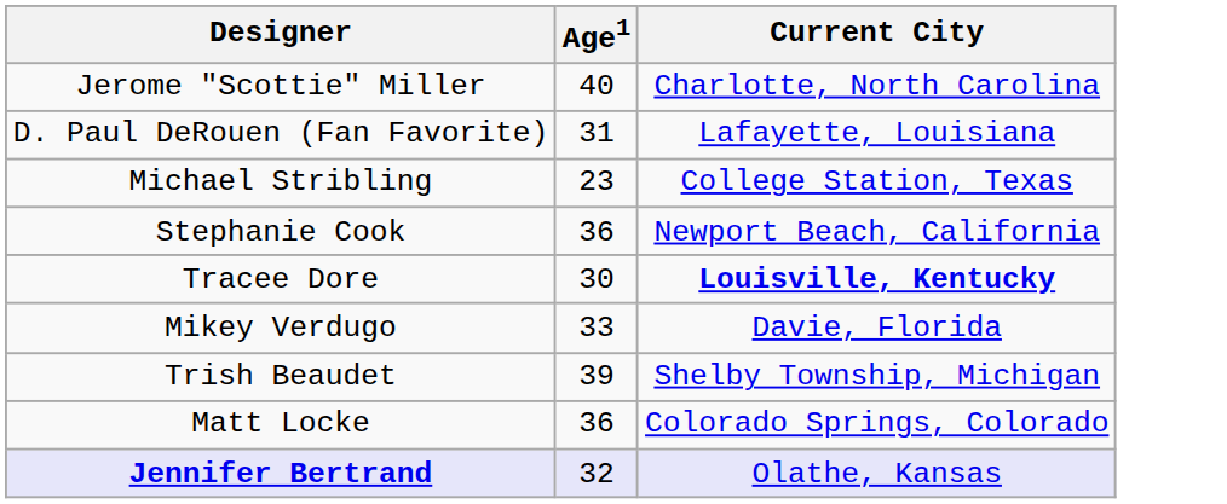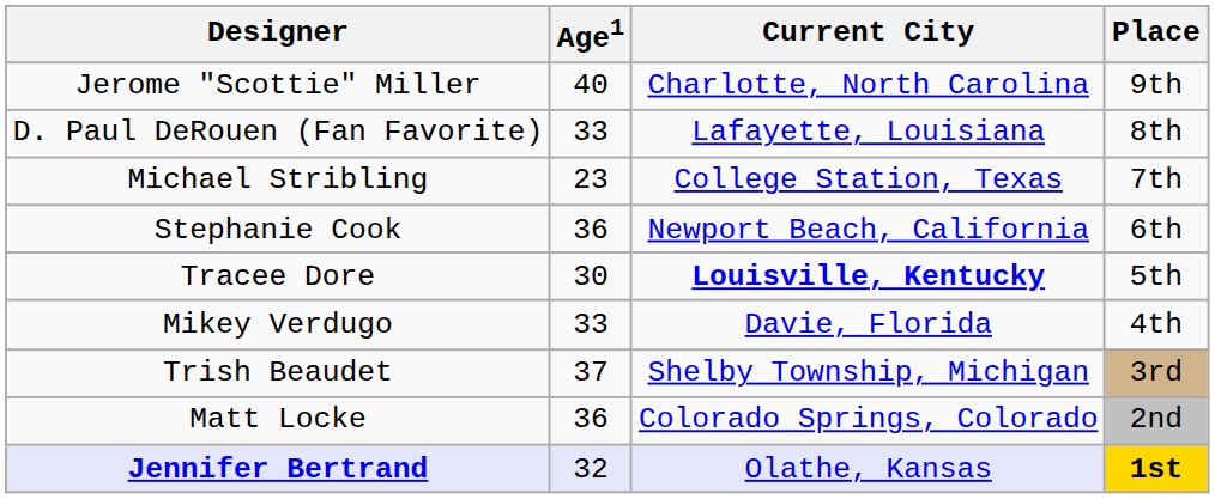 <table class="wikitable sortable" style="text-align:center">
 <tr>
 <th>Designer</th>
 <th>Age<sup>1</sup></th>
 <th>Current City</th>
+<th>Place</th>
 </tr>
 <tr>
 <td>Jerome "Scottie" Miller</td>
 <td>40</td>
 <td><a href='#'>Charlotte, North Carolina</a></td>
+<td>9th</td>
 </tr>
 <tr>
 <td>D. Paul DeRouen (Fan Favorite)</td>
-<td>31</td>
+<td>33</td>
 <td><a href='#'>Lafayette, Louisiana</a></td>
+<td>8th</td>
 </tr>
 <tr>
 <td>Michael Stribling</td>
 <td>23</td>
 <td><a href='#'>College Station, Texas</a></td>
+<td>7th</td>
 </tr>
 <tr>
 <td>Stephanie Cook</td>
 <td>36</td>
 <td><a href='#'>Newport Beach, California</a></td>
+<td>6th</td>
 </tr>
 <tr>
 <td>Tracee Dore</td>
 <td>30</td>
 <td><strong><a href='#'>Louisville, Kentucky</a></strong></td>
+<td>5th</td>
 </tr>
 <tr>
 <td>Mikey Verdugo</td>
 <td>33</td>
 <td><a href='#'>Davie, Florida</a></td>
+<td>4th</td>
 </tr>
 <tr>
 <td>Trish Beaudet</td>
-<td>39</td>
+<td>37</td>
 <td><a href='#'>Shelby Township, Michigan</a></td>
+<td bgcolor="tan">3rd</td>
 </tr>
 <tr>
 <td>Matt Locke</td>
 <td>36</td>
 <td><a href='#'>Colorado Springs, Colorado</a></td>
+<td bgcolor="silver">2nd</td>
 </tr>
 <tr>
 <td bgcolor="lavender"><strong><a href='#'>Jennifer Bertrand</a></strong></td>
 <td bgcolor="lavender">32</td>
 <td bgcolor="lavender"><a href='#'>Olathe, Kansas</a></td>
+<td bgcolor="gold"><strong>1st</strong></td>
 </tr>
 </table>
